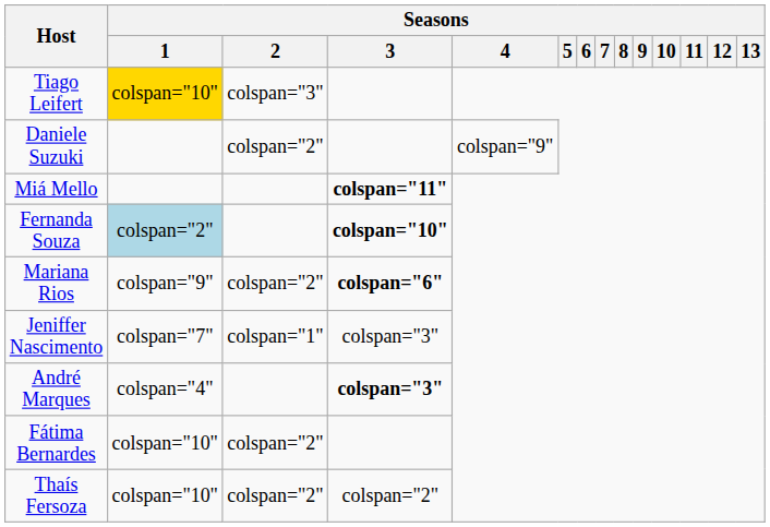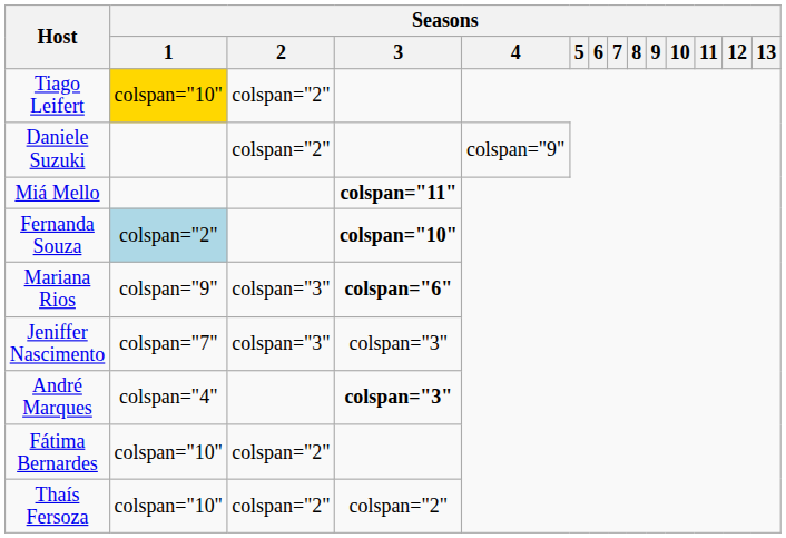 <table class="wikitable" style="text-align:center; width: auto">
 <tr>
 <th rowspan="2" width="15%">Host</th>
 <th colspan="13">Seasons</th>
 </tr>
 <tr>
 <th width="7%">1</th>
 <th width="7%">2</th>
 <th width="7%">3</th>
 <th width="7%">4</th>
 <th width="7%">5</th>
 <th width="7%">6</th>
 <th width="7%">7</th>
 <th width="7%">8</th>
 <th width="7%">9</th>
 <th width="7%">10</th>
 <th width="7%">11</th>
 <th width="7%">12</th>
 <th>13</th>
 </tr>
 <tr>
 <td><a href='#'>Tiago Leifert</a> </td>
 <td style="background: gold;">colspan="10" </td>
-<td>colspan="3" </td>
+<td>colspan="2" </td>
 <td></td>
 </tr>
 <tr>
 <td><a href='#'>Daniele Suzuki</a></td>
 <td></td>
 <td>colspan="2" </td>
 <td></td>
 <td>colspan="9" </td>
 </tr>
 <tr>
 <td><a href='#'>Miá Mello</a></td>
 <td></td>
 <td></td>
 <td><strong>colspan="11" </strong></td>
 </tr>
 <tr>
 <td><a href='#'>Fernanda Souza</a></td>
 <td style="background: lightblue;">colspan="2" </td>
 <td></td>
 <td><strong>colspan="10" </strong></td>
 </tr>
 <tr>
 <td><a href='#'>Mariana Rios</a></td>
 <td>colspan="9" </td>
-<td>colspan="2" </td>
+<td>colspan="3" </td>
 <td><strong>colspan="6" </strong></td>
 </tr>
 <tr>
 <td><a href='#'>Jeniffer Nascimento</a></td>
 <td>colspan="7" </td>
-<td>colspan="1" </td>
+<td>colspan="3" </td>
 <td>colspan="3" </td>
 </tr>
 <tr>
 <td><a href='#'>André Marques</a> </td>
 <td>colspan="4" </td>
 <td></td>
 <td><strong>colspan="3" </strong></td>
 </tr>
 <tr>
 <td><a href='#'>Fátima Bernardes</a></td>
 <td>colspan="10" </td>
 <td>colspan="2" </td>
 <td></td>
 </tr>
 <tr>
 <td><a href='#'>Thaís Fersoza</a></td>
 <td>colspan="10" </td>
 <td>colspan="2" </td>
 <td>colspan="2" </td>
 </tr>
 </table>
